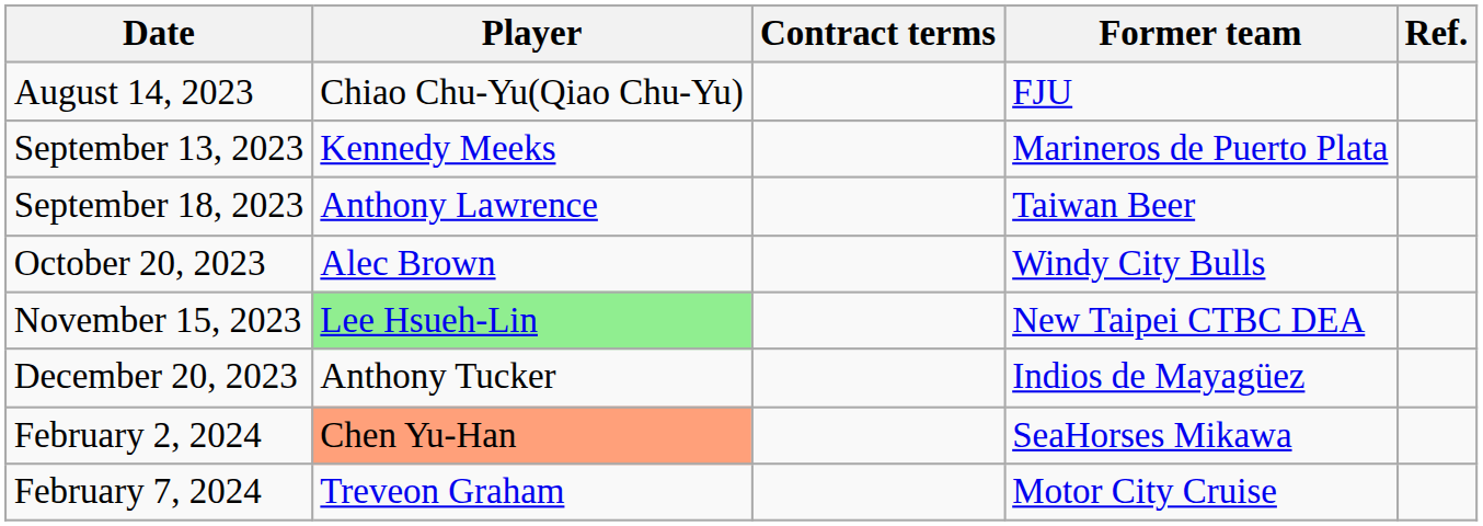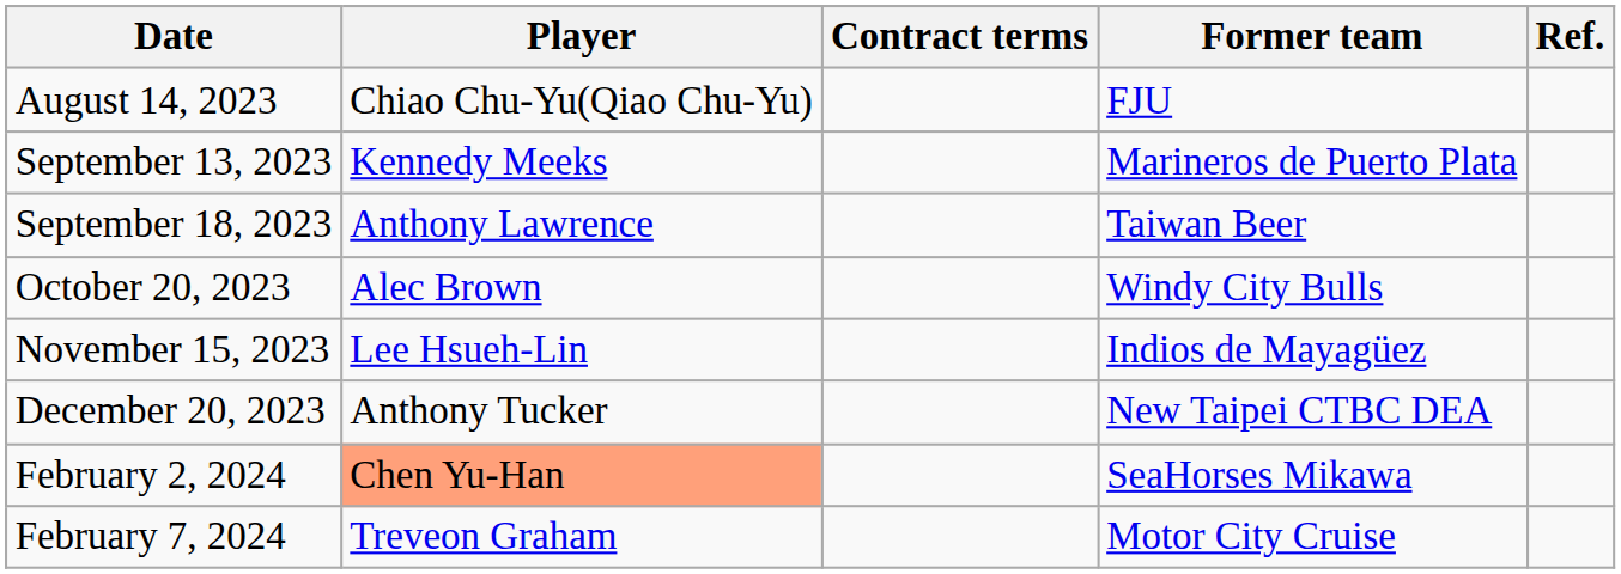 <table class="wikitable sortable sortable">
 <tr>
 <th>Date</th>
 <th>Player</th>
 <th>Contract terms</th>
 <th>Former team</th>
 <th>Ref.</th>
 </tr>
 <tr>
 <td>August 14, 2023</td>
 <td>Chiao Chu-Yu(Qiao Chu-Yu)</td>
 <td></td>
 <td><a href='#'>FJU</a></td>
 <td></td>
 </tr>
 <tr>
 <td>September 13, 2023</td>
 <td><a href='#'>Kennedy Meeks</a></td>
 <td></td>
 <td><a href='#'>Marineros de Puerto Plata</a></td>
 <td></td>
 </tr>
 <tr>
 <td>September 18, 2023</td>
 <td><a href='#'>Anthony Lawrence</a></td>
 <td></td>
 <td><a href='#'>Taiwan Beer</a></td>
 <td></td>
 </tr>
 <tr>
 <td>October 20, 2023</td>
 <td><a href='#'>Alec Brown</a></td>
 <td></td>
 <td><a href='#'>Windy City Bulls</a></td>
 <td></td>
 </tr>
 <tr>
 <td>November 15, 2023</td>
-<td style="background: lightgreen;"><a href='#'>Lee Hsueh-Lin</a></td>
+<td><a href='#'>Lee Hsueh-Lin</a></td>
 <td></td>
-<td><a href='#'>New Taipei CTBC DEA</a></td>
+<td><a href='#'>Indios de Mayagüez</a></td>
 <td></td>
 </tr>
 <tr>
 <td>December 20, 2023</td>
 <td>Anthony Tucker</td>
 <td></td>
-<td><a href='#'>Indios de Mayagüez</a></td>
+<td><a href='#'>New Taipei CTBC DEA</a></td>
 <td></td>
 </tr>
 <tr>
 <td>February 2, 2024</td>
 <td style="background: lightsalmon;">Chen Yu-Han</td>
 <td></td>
 <td><a href='#'>SeaHorses Mikawa</a></td>
 <td></td>
 </tr>
 <tr>
 <td>February 7, 2024</td>
 <td><a href='#'>Treveon Graham</a></td>
 <td></td>
 <td><a href='#'>Motor City Cruise</a></td>
 <td></td>
 </tr>
 </table>
